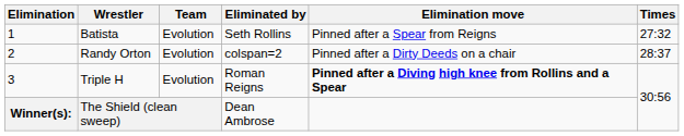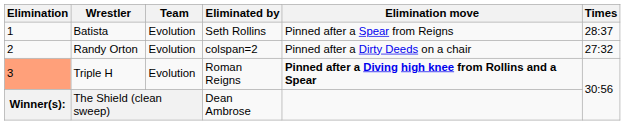 <table class="wikitable">
 <tr>
 <th>Elimination</th>
 <th>Wrestler</th>
 <th>Team</th>
 <th>Eliminated by</th>
 <th>Elimination move</th>
 <th>Times</th>
 </tr>
 <tr>
 <td>1</td>
 <td>Batista</td>
 <td>Evolution</td>
 <td>Seth Rollins</td>
 <td>Pinned after a <a href='#'>Spear</a> from Reigns</td>
-<td>27:32</td>
+<td>28:37</td>
 </tr>
 <tr>
 <td>2</td>
 <td>Randy Orton</td>
 <td>Evolution</td>
 <td>colspan=2 </td>
 <td>Pinned after a <a href='#'>Dirty Deeds</a> on a chair</td>
-<td>28:37</td>
+<td>27:32</td>
 </tr>
 <tr>
-<td>3</td>
+<td style="background: lightsalmon;">3</td>
 <td>Triple H</td>
 <td>Evolution</td>
 <td>Roman Reigns</td>
 <td><strong>Pinned after a <a href='#'>Diving</a> <a href='#'>high knee</a> from Rollins and a Spear</strong></td>
 <td rowspan=2>30:56</td>
 </tr>
 <tr>
 <th>Winner(s):</th>
 <td colspan=2 style="background:#f2f2f2;">The Shield (clean sweep)</td>
 <td>Dean Ambrose</td>
 </tr>
 </table>
